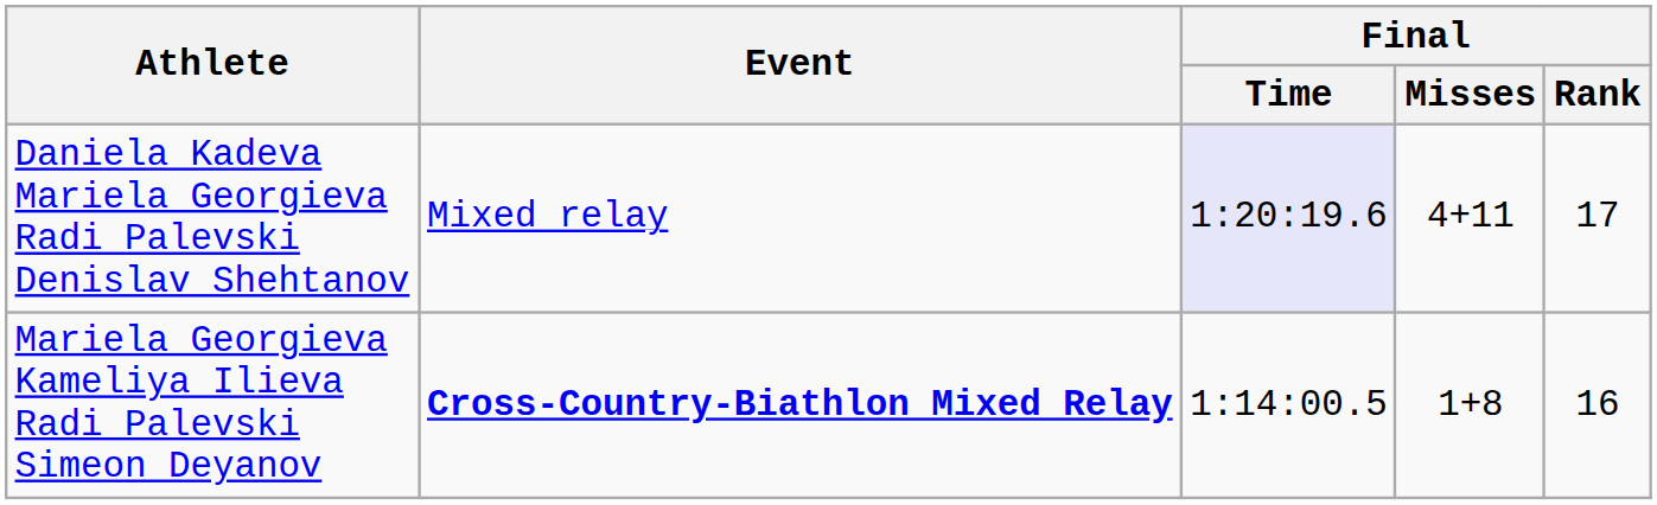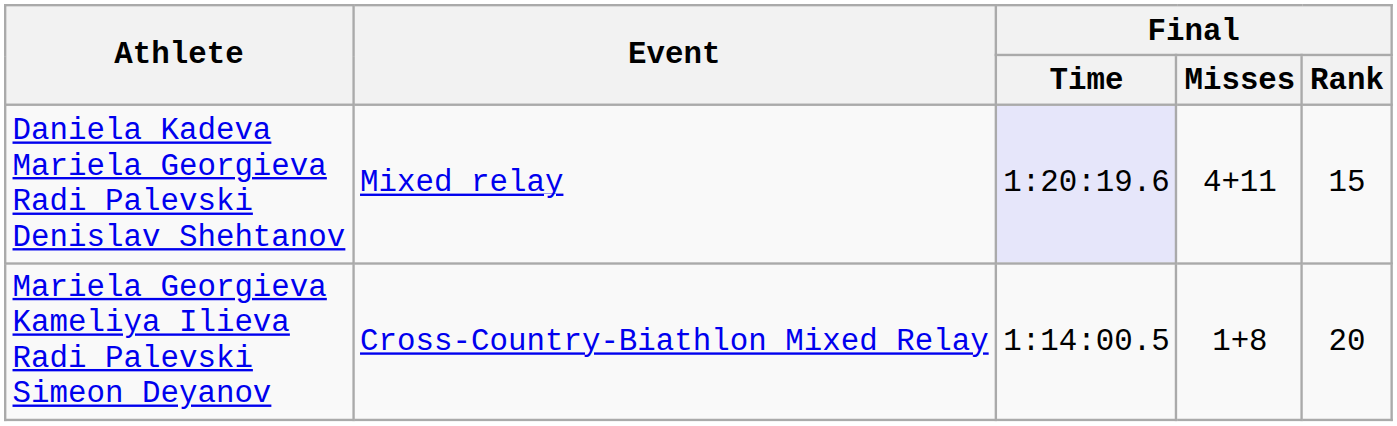 <table class="wikitable">
 <tr>
 <th rowspan="2">Athlete</th>
 <th rowspan="2">Event</th>
 <th colspan="3">Final</th>
 </tr>
 <tr>
 <th>Time</th>
 <th>Misses</th>
 <th>Rank</th>
 </tr>
 <tr>
 <td><a href='#'>Daniela Kadeva</a><br><a href='#'>Mariela Georgieva</a><br><a href='#'>Radi Palevski</a><br><a href='#'>Denislav Shehtanov</a></td>
 <td><a href='#'>Mixed relay</a></td>
 <td align="center" style="background: lavender;">1:20:19.6</td>
 <td align="center">4+11</td>
-<td align="center">17</td>
+<td align="center">15</td>
 </tr>
 <tr>
 <td><a href='#'>Mariela Georgieva</a><br><a href='#'>Kameliya Ilieva</a><br><a href='#'>Radi Palevski</a><br><a href='#'>Simeon Deyanov</a></td>
-<td><strong><a href='#'>Cross-Country-Biathlon Mixed Relay</a></strong></td>
+<td><a href='#'>Cross-Country-Biathlon Mixed Relay</a></td>
 <td align="center">1:14:00.5</td>
 <td align="center">1+8</td>
-<td align="center">16</td>
+<td align="center">20</td>
 </tr>
 </table>
